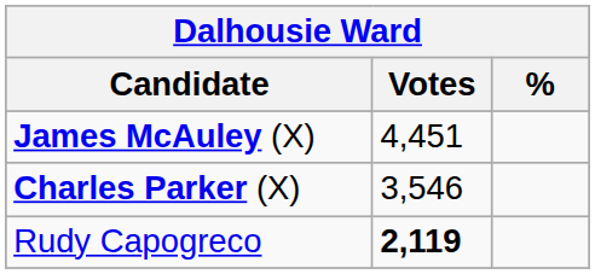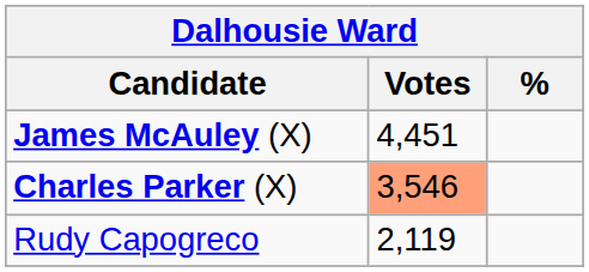 <table class="wikitable">
 <tr>
 <th colspan="3"><a href='#'>Dalhousie Ward</a></th>
 </tr>
 <tr>
 <th style="width: 170px">Candidate</th>
 <th style="width: 50px">Votes</th>
 <th style="width: 40px">%</th>
 </tr>
 <tr>
 <td><strong><a href='#'>James McAuley</a></strong> (X)</td>
 <td>4,451</td>
 <td></td>
 </tr>
 <tr>
 <td><strong><a href='#'>Charles Parker</a></strong> (X)</td>
-<td>3,546</td>
+<td style="background: lightsalmon;">3,546</td>
 <td></td>
 </tr>
 <tr>
 <td><a href='#'>Rudy Capogreco</a></td>
-<td><strong>2,119</strong></td>
+<td>2,119</td>
 <td></td>
 </tr>
 </table>
